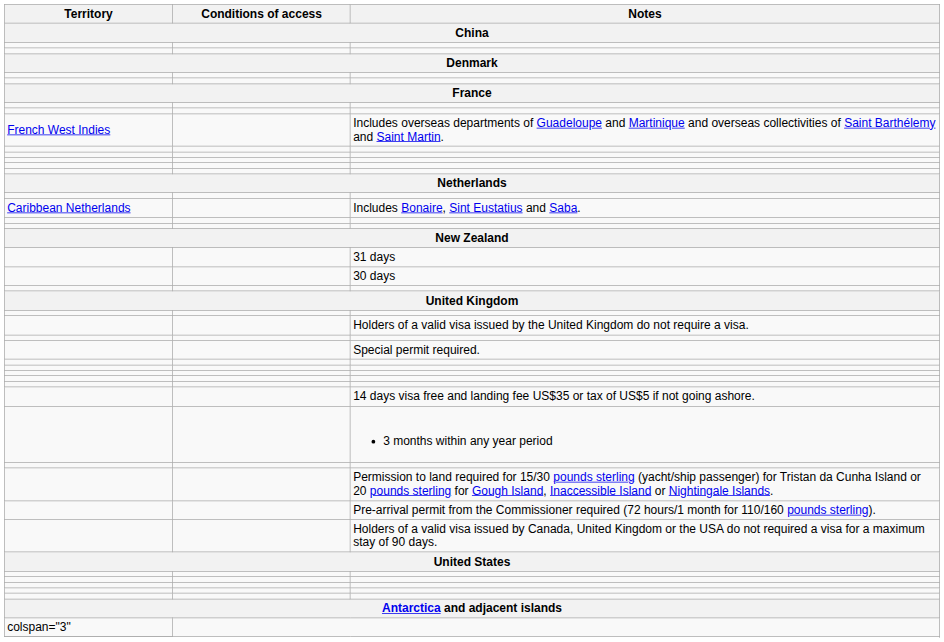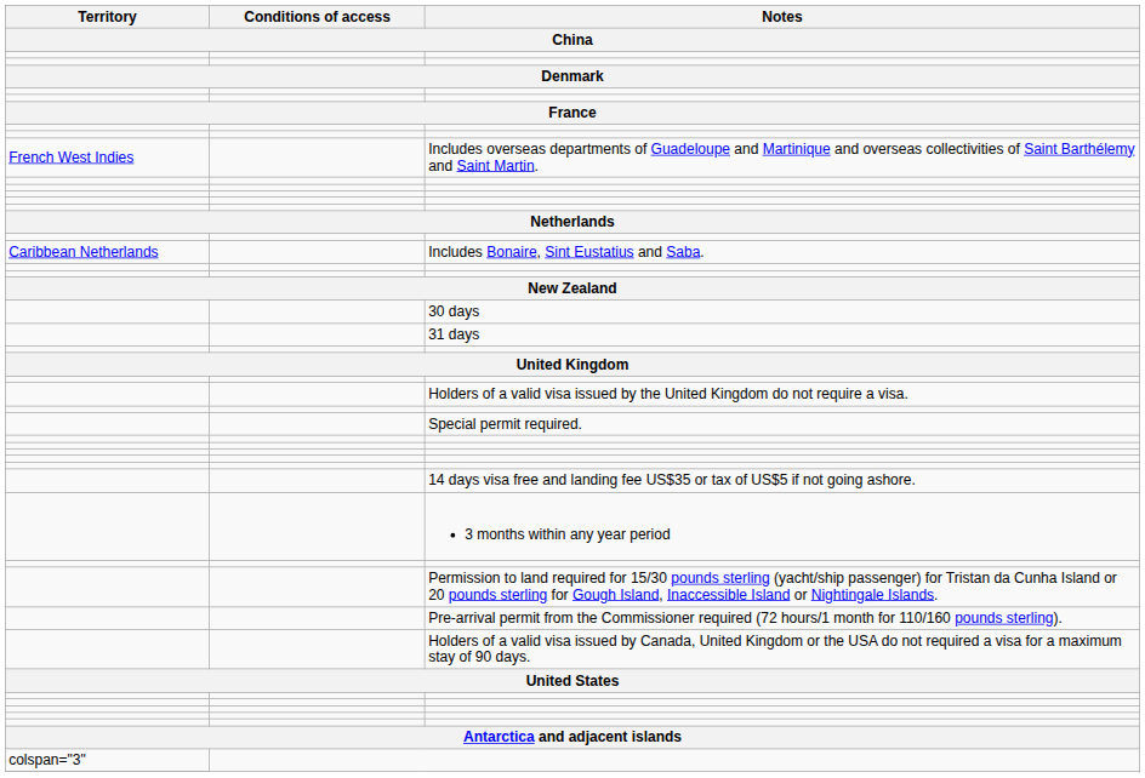 <table class="wikitable" style="text-align: left; table-layout: fixed;">
 <tr>
 <th width="18%">Territory</th>
 <th width="19%">Conditions of access</th>
 <th>Notes</th>
 </tr>
 <tr>
 <th colspan="3">China</th>
 </tr>
 <tr>
 <td></td>
 <td></td>
 <td></td>
 </tr>
 <tr>
 <td></td>
 <td></td>
 <td></td>
 </tr>
 <tr>
 <th colspan="3">Denmark</th>
 </tr>
 <tr>
 <td></td>
 <td></td>
 <td></td>
 </tr>
 <tr>
 <td></td>
 <td></td>
 <td></td>
 </tr>
 <tr>
 <th colspan="3">France</th>
 </tr>
 <tr>
 <td></td>
 <td></td>
 <td></td>
 </tr>
 <tr>
 <td></td>
 <td></td>
 <td></td>
 </tr>
 <tr>
 <td> <a href='#'>French West Indies</a></td>
 <td></td>
 <td>Includes overseas departments of <a href='#'>Guadeloupe</a> and <a href='#'>Martinique</a> and overseas collectivities of <a href='#'>Saint Barthélemy</a> and <a href='#'>Saint Martin</a>.</td>
 </tr>
 <tr>
 <td></td>
 <td></td>
 <td></td>
 </tr>
 <tr>
 <td></td>
 <td></td>
 <td></td>
 </tr>
 <tr>
 <td></td>
 <td></td>
 <td></td>
 </tr>
 <tr>
 <td></td>
 <td></td>
 <td></td>
 </tr>
 <tr>
 <td></td>
 <td></td>
 <td></td>
 </tr>
 <tr>
 <th colspan="3">Netherlands</th>
 </tr>
 <tr>
 <td></td>
 <td></td>
 <td></td>
 </tr>
 <tr>
 <td> <a href='#'>Caribbean Netherlands</a></td>
 <td></td>
 <td>Includes <a href='#'>Bonaire</a>, <a href='#'>Sint Eustatius</a> and <a href='#'>Saba</a>.</td>
 </tr>
 <tr>
 <td></td>
 <td></td>
 <td></td>
 </tr>
 <tr>
 <td></td>
 <td></td>
 <td></td>
 </tr>
 <tr>
 <th colspan="3">New Zealand</th>
 </tr>
 <tr>
 <td></td>
 <td></td>
-<td>31 days</td>
+<td>30 days</td>
 </tr>
 <tr>
 <td></td>
 <td></td>
-<td>30 days</td>
+<td>31 days</td>
 </tr>
 <tr>
 <td></td>
 <td></td>
 <td></td>
 </tr>
 <tr>
 <th colspan="3">United Kingdom</th>
 </tr>
 <tr>
 <td></td>
 <td></td>
 <td></td>
 </tr>
 <tr>
 <td></td>
 <td></td>
 <td>Holders of a valid visa issued by the United Kingdom do not require a visa.</td>
 </tr>
 <tr>
 <td></td>
 <td></td>
 <td></td>
 </tr>
 <tr>
 <td></td>
 <td></td>
 <td>Special permit required.</td>
 </tr>
 <tr>
 <td></td>
 <td></td>
 <td></td>
 </tr>
 <tr>
 <td></td>
 <td></td>
 <td></td>
 </tr>
 <tr>
 <td></td>
 <td></td>
 <td></td>
 </tr>
 <tr>
 <td></td>
 <td></td>
 <td></td>
 </tr>
 <tr>
 <td></td>
 <td></td>
 <td></td>
 </tr>
 <tr>
 <td></td>
 <td></td>
 <td>14 days visa free and landing fee US$35 or tax of US$5 if not going ashore.</td>
 </tr>
 <tr>
 <td></td>
 <td></td>
 <td><br><ul><li>3 months within any year period</li></ul></td>
 </tr>
 <tr>
 <td></td>
 <td></td>
 <td></td>
 </tr>
 <tr>
 <td></td>
 <td></td>
 <td>Permission to land required for 15/30 <a href='#'>pounds sterling</a> (yacht/ship passenger) for Tristan da Cunha Island or 20 <a href='#'>pounds sterling</a> for <a href='#'>Gough Island</a>, <a href='#'>Inaccessible Island</a> or <a href='#'>Nightingale Islands</a>.</td>
 </tr>
 <tr>
 <td></td>
 <td></td>
 <td>Pre-arrival permit from the Commissioner required (72 hours/1 month for 110/160 <a href='#'>pounds sterling</a>).</td>
 </tr>
 <tr>
 <td></td>
 <td></td>
 <td>Holders of a valid visa issued by Canada, United Kingdom or the USA do not required a visa for a maximum stay of 90 days.</td>
 </tr>
 <tr>
 <th colspan="3">United States</th>
 </tr>
 <tr>
 <td></td>
 <td></td>
 <td></td>
 </tr>
 <tr>
 <td></td>
 <td></td>
 <td></td>
 </tr>
 <tr>
 <td></td>
 <td></td>
 <td></td>
 </tr>
 <tr>
 <td></td>
 <td></td>
 <td></td>
 </tr>
 <tr>
 <td></td>
 <td></td>
 <td></td>
 </tr>
 <tr>
 <th colspan="3"><a href='#'>Antarctica</a> and adjacent islands</th>
 </tr>
 <tr>
 <td>colspan="3" </td>
 </tr>
 <tr>
 </tr>
 </table>
